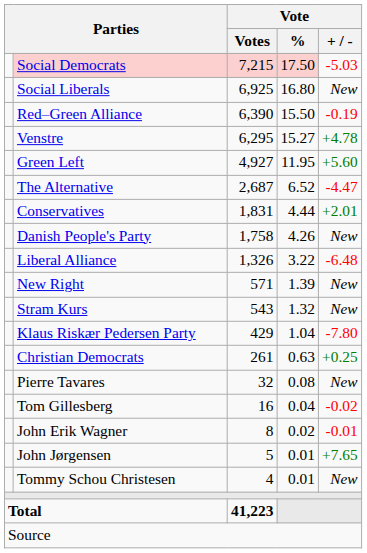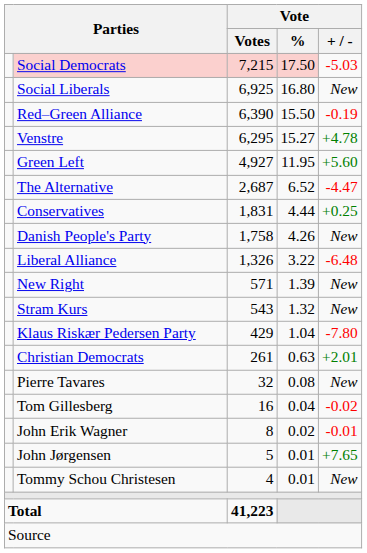 <table class="wikitable" style="text-align:right;">
 <tr>
 <th style="text-align:centre;" rowspan="2" colspan="2" width="225">Parties</th>
 <th colspan="3">Vote</th>
 </tr>
 <tr>
 <th width="15">Votes</th>
 <th width="15">%</th>
 <th width="15">+ / -</th>
 </tr>
 <tr>
 <td width="2" style="color:inherit;background:"></td>
 <td bgcolor=#fbd0ce  align="left"><a href='#'>Social Democrats</a></td>
 <td bgcolor=#fbd0ce>7,215</td>
 <td bgcolor=#fbd0ce>17.50</td>
 <td style=color:red;>-5.03</td>
 </tr>
 <tr>
 <td width="2" style="color:inherit;background:"></td>
 <td align="left"><a href='#'>Social Liberals</a></td>
 <td>6,925</td>
 <td>16.80</td>
 <td><em>New</em></td>
 </tr>
 <tr>
 <td width="2" style="color:inherit;background:"></td>
 <td align="left"><a href='#'>Red–Green Alliance</a></td>
 <td>6,390</td>
 <td>15.50</td>
 <td style=color:red;>-0.19</td>
 </tr>
 <tr>
 <td width="2" style="color:inherit;background:"></td>
 <td align="left"><a href='#'>Venstre</a></td>
 <td>6,295</td>
 <td>15.27</td>
 <td style=color:green;>+4.78</td>
 </tr>
 <tr>
 <td width="2" style="color:inherit;background:"></td>
 <td align="left"><a href='#'>Green Left</a></td>
 <td>4,927</td>
 <td>11.95</td>
 <td style=color:green;>+5.60</td>
 </tr>
 <tr>
 <td width="2" style="color:inherit;background:"></td>
 <td align="left"><a href='#'>The Alternative</a></td>
 <td>2,687</td>
 <td>6.52</td>
 <td style=color:red;>-4.47</td>
 </tr>
 <tr>
 <td width="2" style="color:inherit;background:"></td>
 <td align="left"><a href='#'>Conservatives</a></td>
 <td>1,831</td>
 <td>4.44</td>
-<td style=color:green;>+2.01</td>
+<td style=color:green;>+0.25</td>
 </tr>
 <tr>
 <td width="2" style="color:inherit;background:"></td>
 <td align="left"><a href='#'>Danish People's Party</a></td>
 <td>1,758</td>
 <td>4.26</td>
 <td><em>New</em></td>
 </tr>
 <tr>
 <td width="2" style="color:inherit;background:"></td>
 <td align="left"><a href='#'>Liberal Alliance</a></td>
 <td>1,326</td>
 <td>3.22</td>
 <td style=color:red;>-6.48</td>
 </tr>
 <tr>
 <td width="2" style="color:inherit;background:"></td>
 <td align="left"><a href='#'>New Right</a></td>
 <td>571</td>
 <td>1.39</td>
 <td><em>New</em></td>
 </tr>
 <tr>
 <td width="2" style="color:inherit;background:"></td>
 <td align="left"><a href='#'>Stram Kurs</a></td>
 <td>543</td>
 <td>1.32</td>
 <td><em>New</em></td>
 </tr>
 <tr>
 <td width="2" style="color:inherit;background:"></td>
 <td align="left"><a href='#'>Klaus Riskær Pedersen Party</a></td>
 <td>429</td>
 <td>1.04</td>
 <td style=color:red;>-7.80</td>
 </tr>
 <tr>
 <td width="2" style="color:inherit;background:"></td>
 <td align="left"><a href='#'>Christian Democrats</a></td>
 <td>261</td>
 <td>0.63</td>
-<td style=color:green;>+0.25</td>
+<td style=color:green;>+2.01</td>
 </tr>
 <tr>
 <td width="2" style="color:inherit;background:"></td>
 <td align="left">Pierre Tavares</td>
 <td>32</td>
 <td>0.08</td>
 <td><em>New</em></td>
 </tr>
 <tr>
 <td width="2" style="color:inherit;background:"></td>
 <td align="left">Tom Gillesberg</td>
 <td>16</td>
 <td>0.04</td>
 <td style=color:red;>-0.02</td>
 </tr>
 <tr>
 <td width="2" style="color:inherit;background:"></td>
 <td align="left">John Erik Wagner</td>
 <td>8</td>
 <td>0.02</td>
 <td style=color:red;>-0.01</td>
 </tr>
 <tr>
 <td width="2" style="color:inherit;background:"></td>
 <td align="left">John Jørgensen</td>
 <td>5</td>
 <td>0.01</td>
 <td style=color:green;>+7.65</td>
 </tr>
 <tr>
 <td width="2" style="color:inherit;background:"></td>
 <td align="left">Tommy Schou Christesen</td>
 <td>4</td>
 <td>0.01</td>
 <td><em>New</em></td>
 </tr>
 <tr>
 <td colspan="7" bgcolor="#E9E9E9"></td>
 </tr>
 <tr>
 <td align="left" colspan="2"><strong>Total</strong></td>
 <td><strong>41,223</strong></td>
 <td bgcolor="#E9E9E9" colspan="2"></td>
 </tr>
 <tr>
 <td align="left" colspan="6">Source</td>
 </tr>
 </table>
